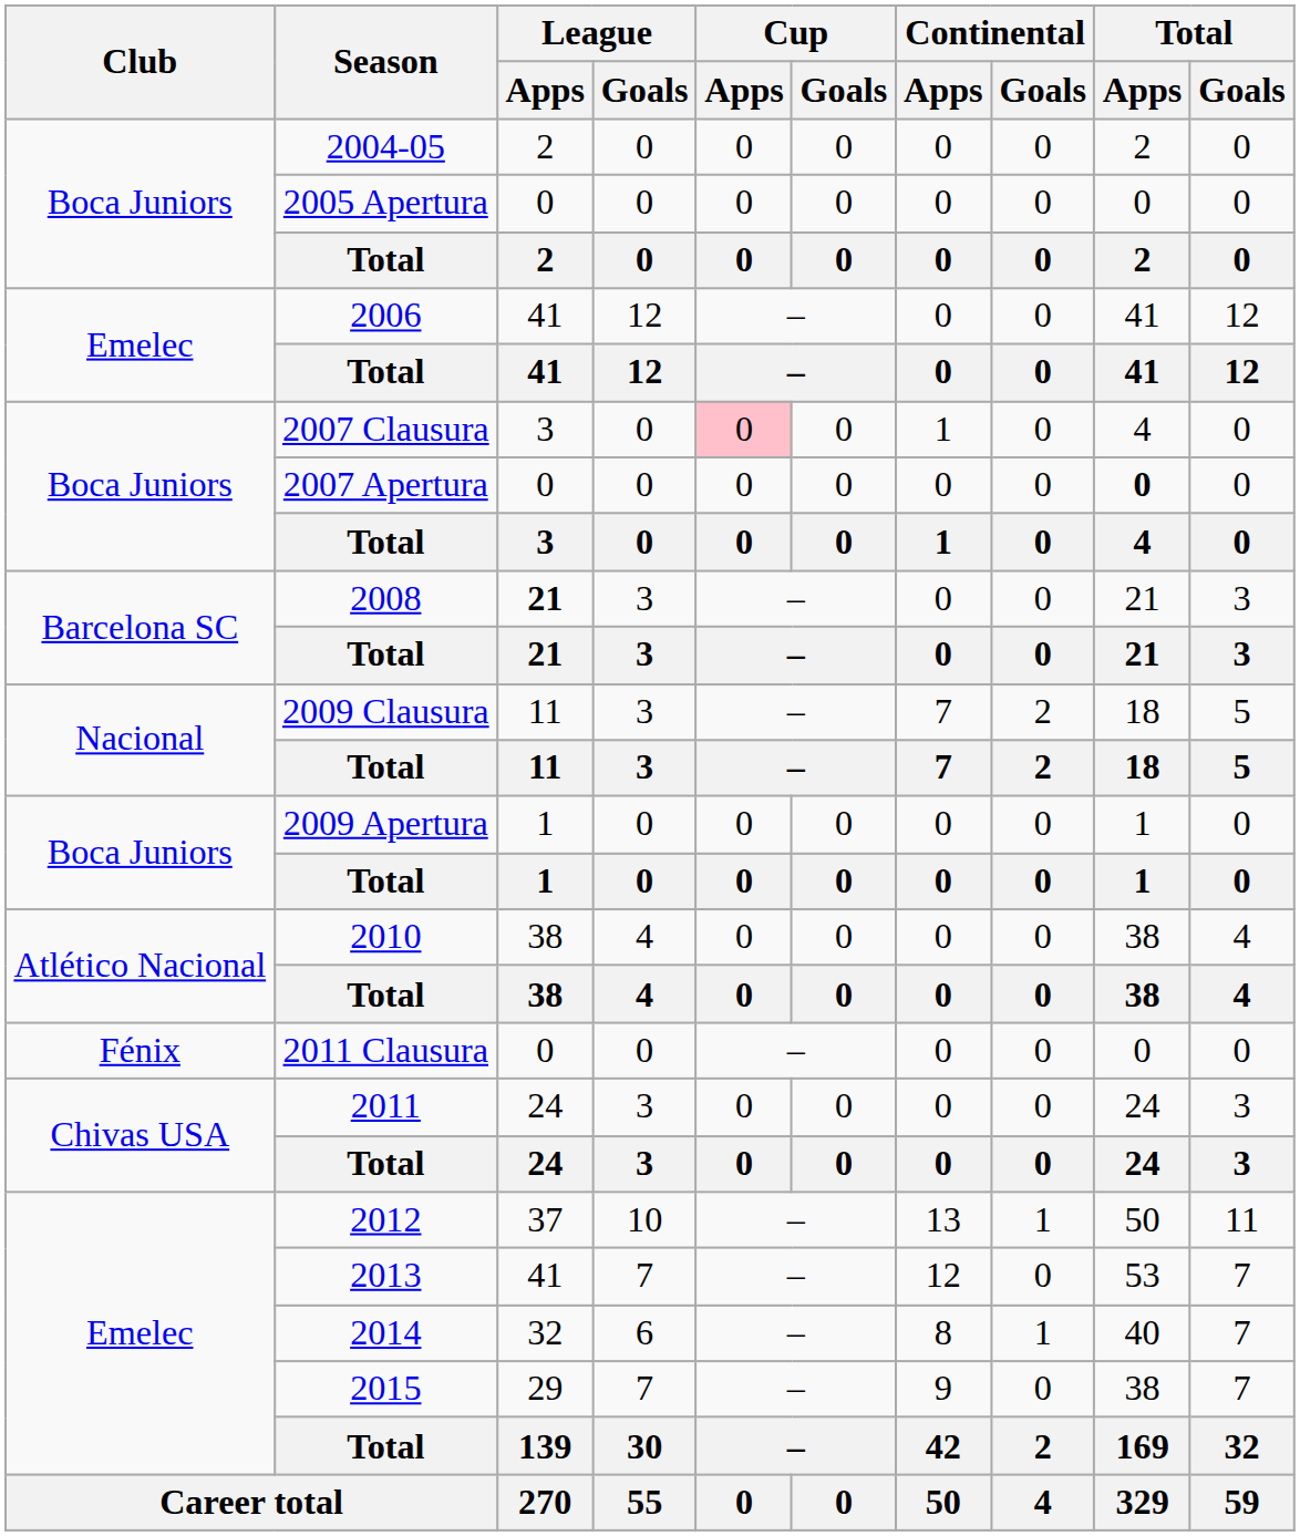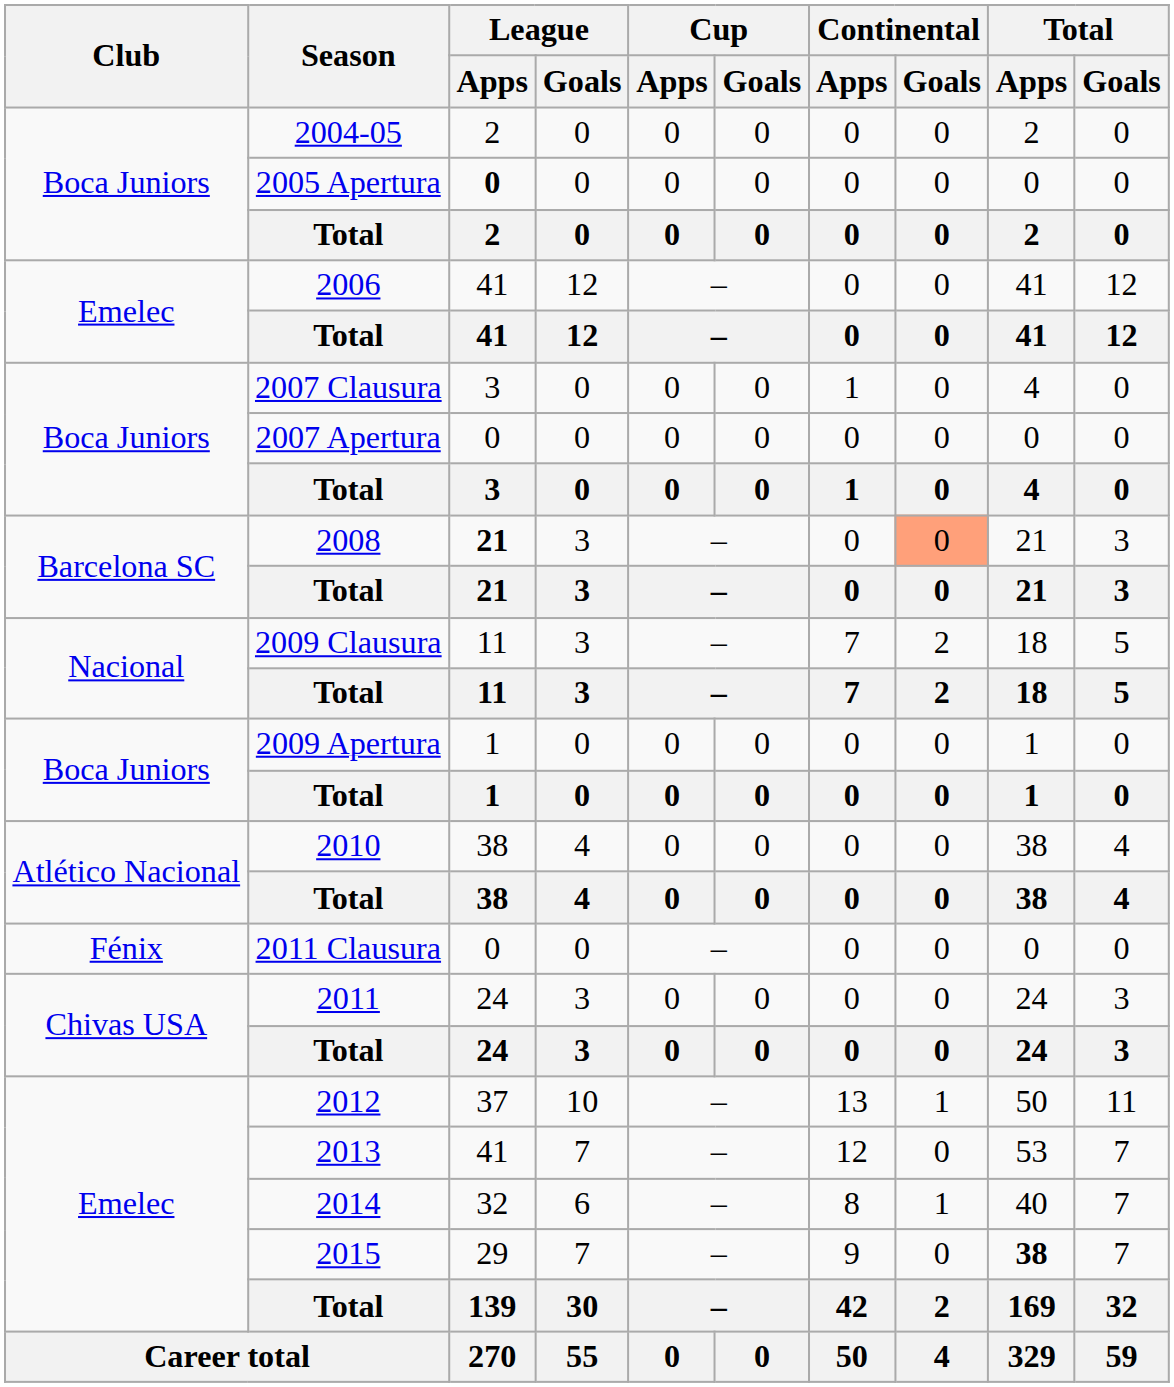 <table class="wikitable" style="text-align: center;">
 <tr>
 <th rowspan="2">Club</th>
 <th rowspan="2">Season</th>
 <th colspan="2">League</th>
 <th colspan="2">Cup</th>
 <th colspan="2">Continental</th>
 <th colspan="2">Total</th>
 </tr>
 <tr>
 <th>Apps</th>
 <th>Goals</th>
 <th>Apps</th>
 <th>Goals</th>
 <th>Apps</th>
 <th>Goals</th>
 <th>Apps</th>
 <th>Goals</th>
 </tr>
 <tr>
 <td rowspan="3"><a href='#'>Boca Juniors</a></td>
 <td><a href='#'>2004-05</a></td>
 <td>2</td>
 <td>0</td>
 <td>0</td>
 <td>0</td>
 <td>0</td>
 <td>0</td>
 <td>2</td>
 <td>0</td>
 </tr>
 <tr>
 <td><a href='#'>2005 Apertura</a></td>
-<td>0</td>
+<td><strong>0</strong></td>
 <td>0</td>
 <td>0</td>
 <td>0</td>
 <td>0</td>
 <td>0</td>
 <td>0</td>
 <td>0</td>
 </tr>
 <tr>
 <th>Total</th>
 <th>2</th>
 <th>0</th>
 <th>0</th>
 <th>0</th>
 <th>0</th>
 <th>0</th>
 <th>2</th>
 <th>0</th>
 </tr>
 <tr>
 <td rowspan="2"><a href='#'>Emelec</a></td>
 <td><a href='#'>2006</a></td>
 <td>41</td>
 <td>12</td>
 <td colspan="2">–</td>
 <td>0</td>
 <td>0</td>
 <td>41</td>
 <td>12</td>
 </tr>
 <tr>
 <th>Total</th>
 <th>41</th>
 <th>12</th>
 <th colspan="2">–</th>
 <th>0</th>
 <th>0</th>
 <th>41</th>
 <th>12</th>
 </tr>
 <tr>
 <td rowspan="3"><a href='#'>Boca Juniors</a></td>
 <td><a href='#'>2007 Clausura</a></td>
 <td>3</td>
 <td>0</td>
-<td style="background: pink;">0</td>
+<td>0</td>
 <td>0</td>
 <td>1</td>
 <td>0</td>
 <td>4</td>
 <td>0</td>
 </tr>
 <tr>
 <td><a href='#'>2007 Apertura</a></td>
 <td>0</td>
 <td>0</td>
 <td>0</td>
 <td>0</td>
 <td>0</td>
 <td>0</td>
-<td><strong>0</strong></td>
+<td>0</td>
 <td>0</td>
 </tr>
 <tr>
 <th>Total</th>
 <th>3</th>
 <th>0</th>
 <th>0</th>
 <th>0</th>
 <th>1</th>
 <th>0</th>
 <th>4</th>
 <th>0</th>
 </tr>
 <tr>
 <td rowspan="2"><a href='#'>Barcelona SC</a></td>
 <td><a href='#'>2008</a></td>
 <td><strong>21</strong></td>
 <td>3</td>
 <td colspan="2">–</td>
 <td>0</td>
-<td>0</td>
+<td style="background: lightsalmon;">0</td>
 <td>21</td>
 <td>3</td>
 </tr>
 <tr>
 <th>Total</th>
 <th>21</th>
 <th>3</th>
 <th colspan="2">–</th>
 <th>0</th>
 <th>0</th>
 <th>21</th>
 <th>3</th>
 </tr>
 <tr>
 <td rowspan="2"><a href='#'>Nacional</a></td>
 <td><a href='#'>2009 Clausura</a></td>
 <td>11</td>
 <td>3</td>
 <td colspan="2">–</td>
 <td>7</td>
 <td>2</td>
 <td>18</td>
 <td>5</td>
 </tr>
 <tr>
 <th>Total</th>
 <th>11</th>
 <th>3</th>
 <th colspan="2">–</th>
 <th>7</th>
 <th>2</th>
 <th>18</th>
 <th>5</th>
 </tr>
 <tr>
 <td rowspan="2"><a href='#'>Boca Juniors</a></td>
 <td><a href='#'>2009 Apertura</a></td>
 <td>1</td>
 <td>0</td>
 <td>0</td>
 <td>0</td>
 <td>0</td>
 <td>0</td>
 <td>1</td>
 <td>0</td>
 </tr>
 <tr>
 <th>Total</th>
 <th>1</th>
 <th>0</th>
 <th>0</th>
 <th>0</th>
 <th>0</th>
 <th>0</th>
 <th>1</th>
 <th>0</th>
 </tr>
 <tr>
 <td rowspan="2"><a href='#'>Atlético Nacional</a></td>
 <td><a href='#'>2010</a></td>
 <td>38</td>
 <td>4</td>
 <td>0</td>
 <td>0</td>
 <td>0</td>
 <td>0</td>
 <td>38</td>
 <td>4</td>
 </tr>
 <tr>
 <th>Total</th>
 <th>38</th>
 <th>4</th>
 <th>0</th>
 <th>0</th>
 <th>0</th>
 <th>0</th>
 <th>38</th>
 <th>4</th>
 </tr>
 <tr>
 <td rowspan="1"><a href='#'>Fénix</a></td>
 <td><a href='#'>2011 Clausura</a></td>
 <td>0</td>
 <td>0</td>
 <td colspan="2">–</td>
 <td>0</td>
 <td>0</td>
 <td>0</td>
 <td>0</td>
 </tr>
 <tr>
 <td rowspan="2"><a href='#'>Chivas USA</a></td>
 <td><a href='#'>2011</a></td>
 <td>24</td>
 <td>3</td>
 <td>0</td>
 <td>0</td>
 <td>0</td>
 <td>0</td>
 <td>24</td>
 <td>3</td>
 </tr>
 <tr>
 <th>Total</th>
 <th>24</th>
 <th>3</th>
 <th>0</th>
 <th>0</th>
 <th>0</th>
 <th>0</th>
 <th>24</th>
 <th>3</th>
 </tr>
 <tr>
 <td rowspan="5"><a href='#'>Emelec</a></td>
 <td><a href='#'>2012</a></td>
 <td>37</td>
 <td>10</td>
 <td colspan="2">–</td>
 <td>13</td>
 <td>1</td>
 <td>50</td>
 <td>11</td>
 </tr>
 <tr>
 <td><a href='#'>2013</a></td>
 <td>41</td>
 <td>7</td>
 <td colspan="2">–</td>
 <td>12</td>
 <td>0</td>
 <td>53</td>
 <td>7</td>
 </tr>
 <tr>
 <td><a href='#'>2014</a></td>
 <td>32</td>
 <td>6</td>
 <td colspan="2">–</td>
 <td>8</td>
 <td>1</td>
 <td>40</td>
 <td>7</td>
 </tr>
 <tr>
 <td><a href='#'>2015</a></td>
 <td>29</td>
 <td>7</td>
 <td colspan="2">–</td>
 <td>9</td>
 <td>0</td>
-<td>38</td>
+<td><strong>38</strong></td>
 <td>7</td>
 </tr>
 <tr>
 <th>Total</th>
 <th>139</th>
 <th>30</th>
 <th colspan="2">–</th>
 <th>42</th>
 <th>2</th>
 <th>169</th>
 <th>32</th>
 </tr>
 <tr>
 <th colspan="2">Career total</th>
 <th>270</th>
 <th>55</th>
 <th>0</th>
 <th>0</th>
 <th>50</th>
 <th>4</th>
 <th>329</th>
 <th>59</th>
 </tr>
 </table>
